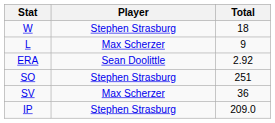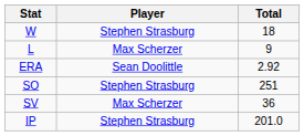 <table class="wikitable" style="width:33%;">
 <tr style="text-align:center; background:#ddd;">
 <th>Stat</th>
 <th>Player</th>
 <th>Total</th>
 </tr>
 <tr align=center>
 <td><a href='#'>W</a></td>
 <td><a href='#'>Stephen Strasburg</a></td>
 <td>18</td>
 </tr>
 <tr align=center>
 <td><a href='#'>L</a></td>
 <td><a href='#'>Max Scherzer</a></td>
 <td>9</td>
 </tr>
 <tr align=center>
 <td><a href='#'>ERA</a></td>
 <td><a href='#'>Sean Doolittle</a></td>
 <td>2.92</td>
 </tr>
 <tr align=center>
 <td><a href='#'>SO</a></td>
 <td><a href='#'>Stephen Strasburg</a></td>
 <td>251</td>
 </tr>
 <tr align=center>
 <td><a href='#'>SV</a></td>
 <td><a href='#'>Max Scherzer</a></td>
 <td>36</td>
 </tr>
 <tr align=center>
 <td><a href='#'>IP</a></td>
 <td><a href='#'>Stephen Strasburg</a></td>
-<td>209.0</td>
+<td>201.0</td>
 </tr>
 </table>
